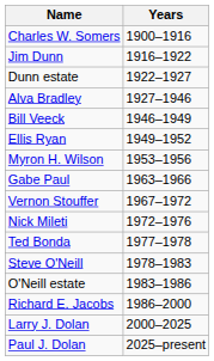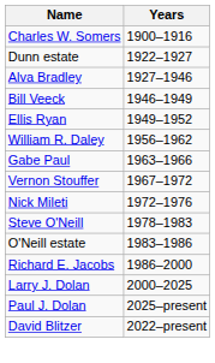 <table class="wikitable">
 <tr>
 <th>Name</th>
 <th>Years</th>
 </tr>
 <tr>
 <td><a href='#'>Charles W. Somers</a></td>
 <td>1900–1916</td>
-</tr>
-<tr>
-<td><a href='#'>Jim Dunn</a></td>
-<td>1916–1922</td>
 </tr>
 <tr>
 <td>Dunn estate</td>
 <td>1922–1927</td>
 </tr>
 <tr>
 <td><a href='#'>Alva Bradley</a></td>
 <td>1927–1946</td>
 </tr>
 <tr>
 <td><a href='#'>Bill Veeck</a></td>
 <td>1946–1949</td>
 </tr>
 <tr>
 <td><a href='#'>Ellis Ryan</a></td>
 <td>1949–1952</td>
 </tr>
 <tr>
-<td><a href='#'>Myron H. Wilson</a></td>
-<td>1953–1956</td>
+<td><a href='#'>William R. Daley</a></td>
+<td>1956–1962</td>
 </tr>
 <tr>
 <td><a href='#'>Gabe Paul</a></td>
 <td>1963–1966</td>
 </tr>
 <tr>
 <td><a href='#'>Vernon Stouffer</a></td>
 <td>1967–1972</td>
 </tr>
 <tr>
 <td><a href='#'>Nick Mileti</a></td>
 <td>1972–1976</td>
-</tr>
-<tr>
-<td><a href='#'>Ted Bonda</a></td>
-<td>1977–1978</td>
 </tr>
 <tr>
 <td><a href='#'>Steve O'Neill</a></td>
 <td>1978–1983</td>
 </tr>
 <tr>
 <td>O'Neill estate</td>
 <td>1983–1986</td>
 </tr>
 <tr>
 <td><a href='#'>Richard E. Jacobs</a></td>
 <td>1986–2000</td>
 </tr>
 <tr>
 <td><a href='#'>Larry J. Dolan</a></td>
 <td>2000–2025</td>
 </tr>
 <tr>
 <td><a href='#'>Paul J. Dolan</a></td>
 <td>2025–present</td>
 </tr>
+<tr>
+<td><a href='#'>David Blitzer</a></td>
+<td>2022–present</td>
+</tr>
 </table>
